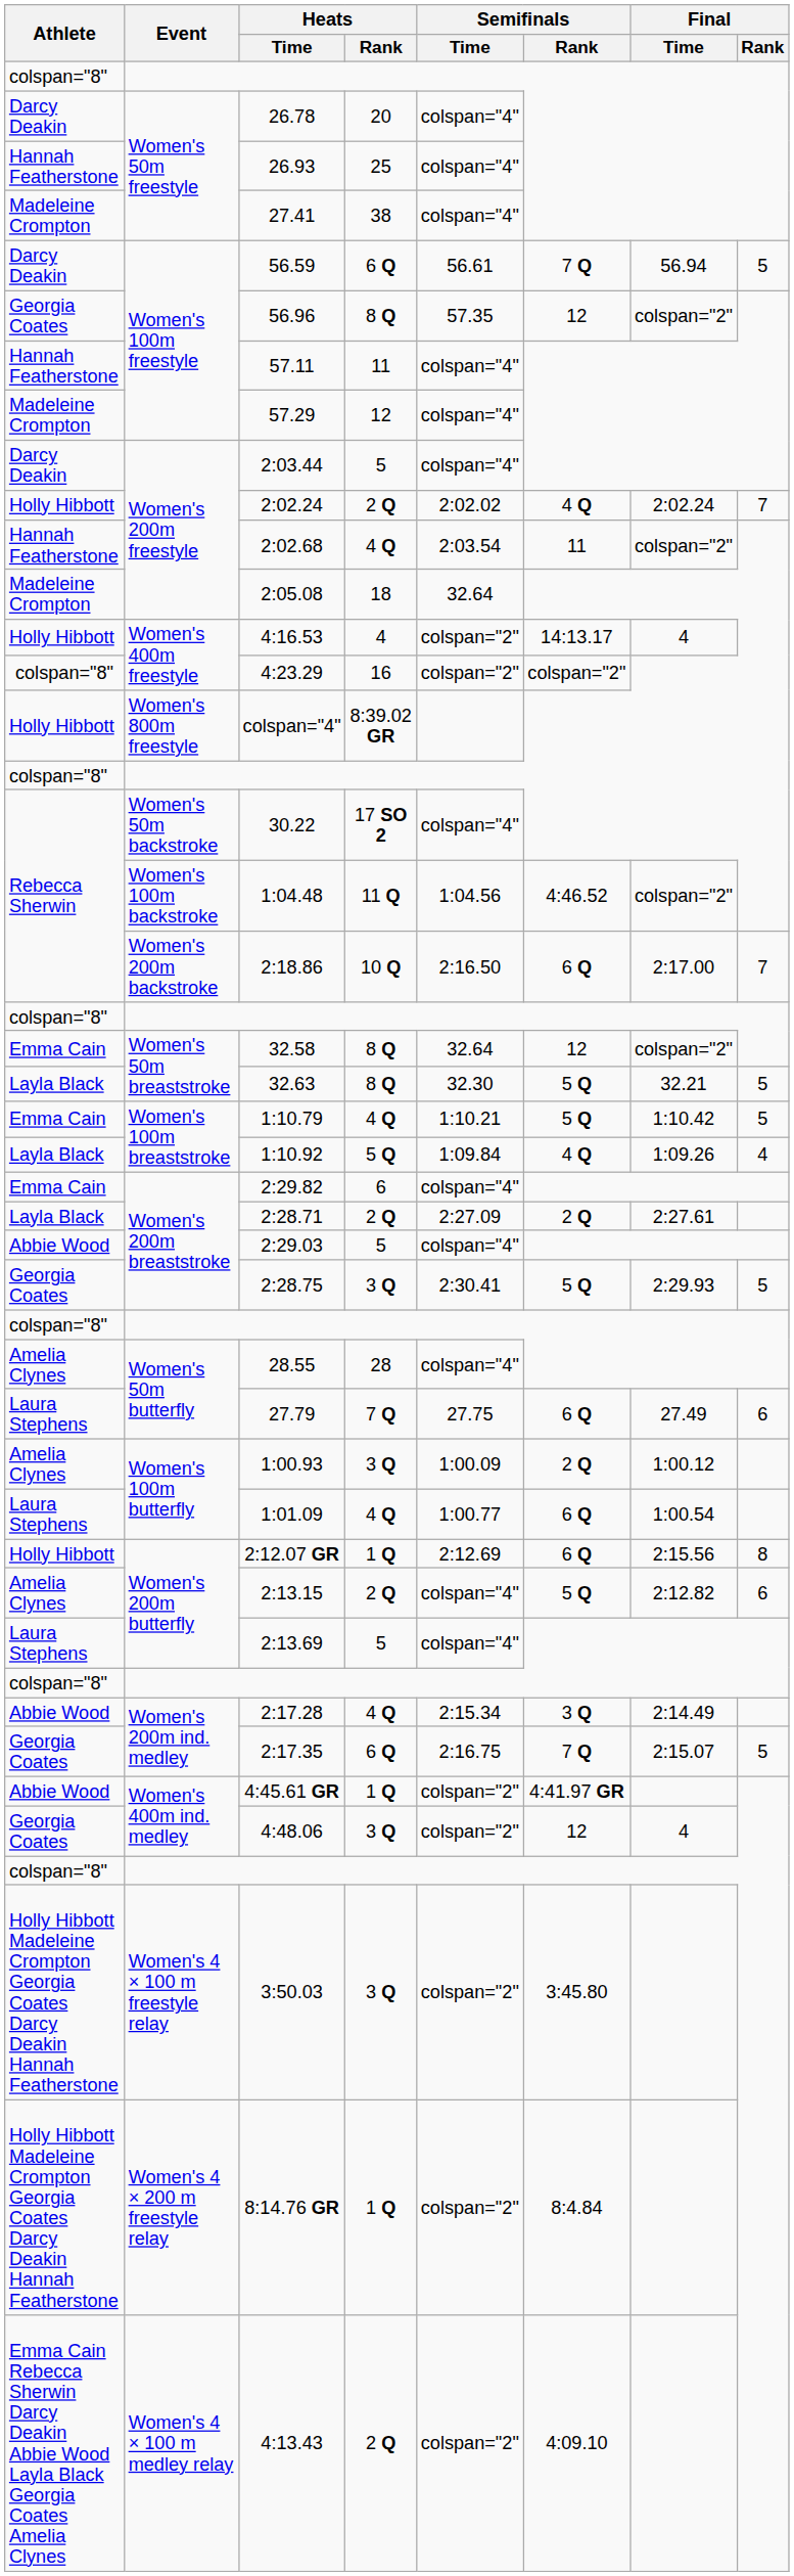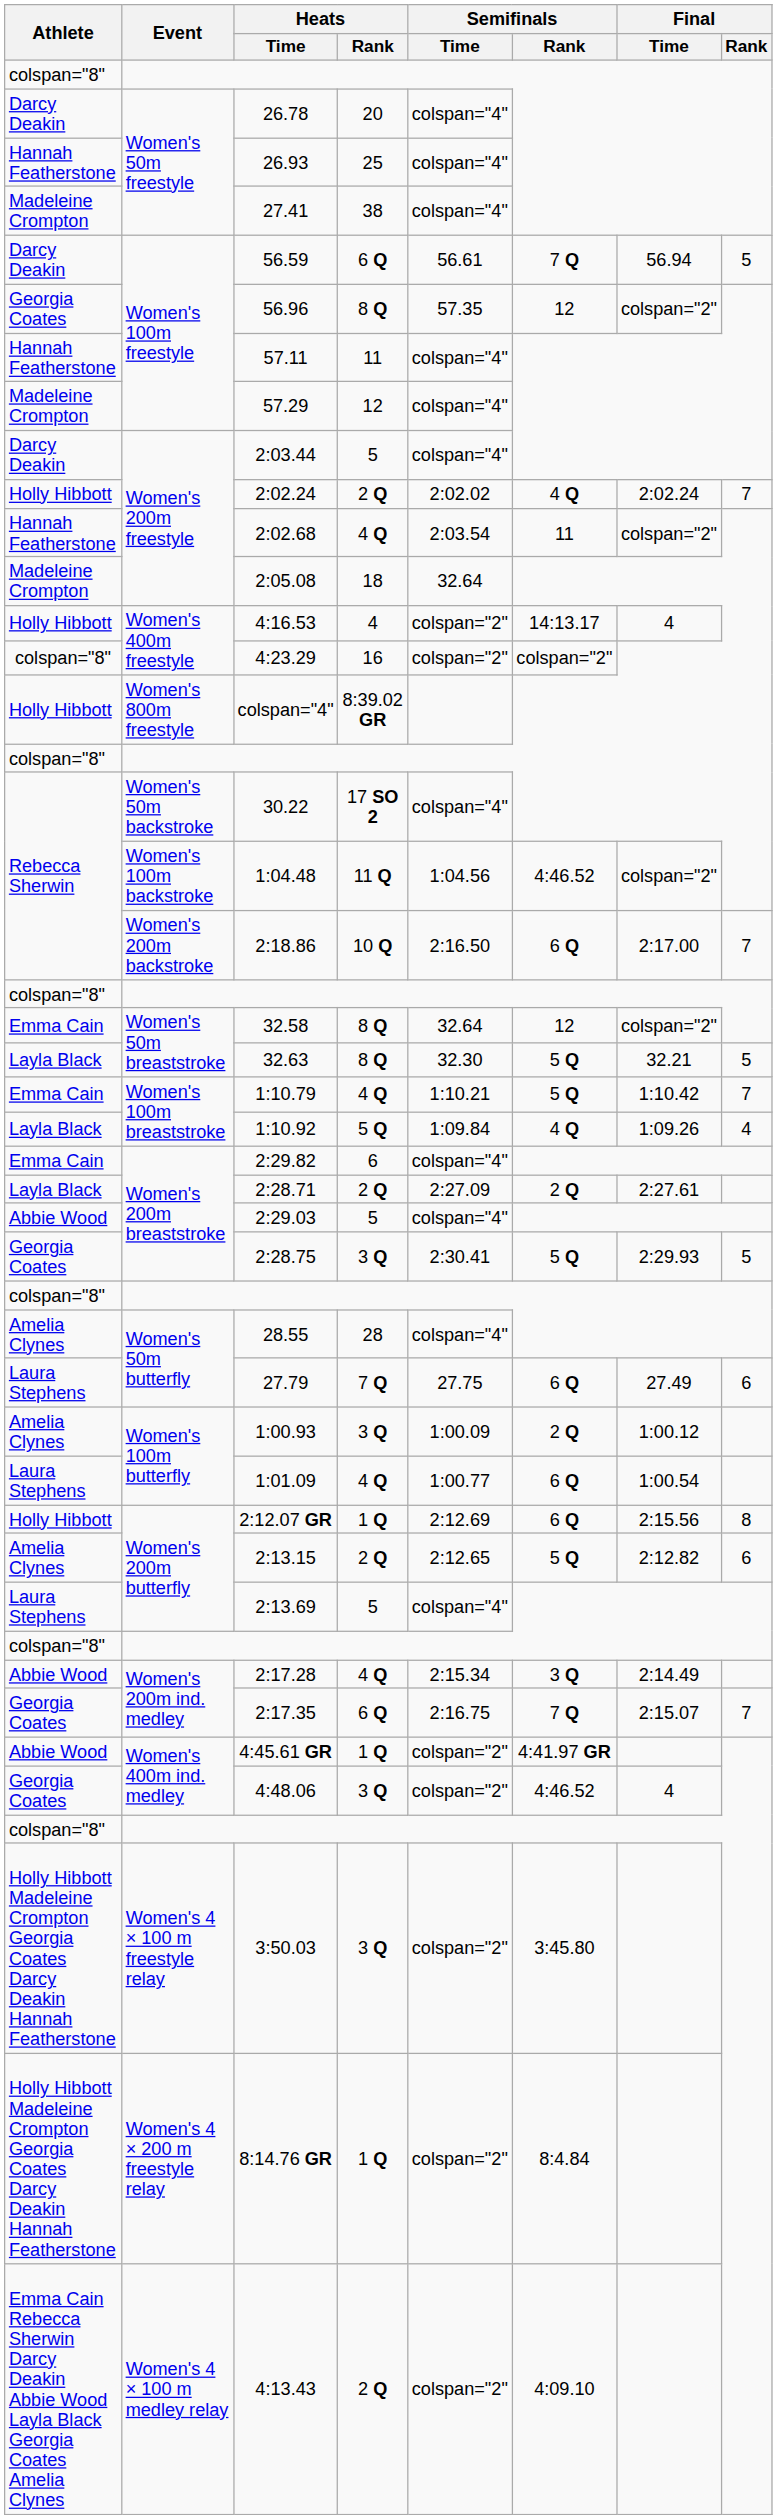 <table class="wikitable" style="font-size:90%">
 <tr>
 <th rowspan=2>Athlete</th>
 <th rowspan=2>Event</th>
 <th colspan=2>Heats</th>
 <th colspan=2>Semifinals</th>
 <th colspan=2>Final</th>
 </tr>
 <tr style="font-size:95%">
 <th>Time</th>
 <th>Rank</th>
 <th>Time</th>
 <th>Rank</th>
 <th>Time</th>
 <th>Rank</th>
 </tr>
 <tr align="left">
 <td>colspan="8" </td>
 </tr>
 <tr align=center>
 <td align=left><a href='#'>Darcy Deakin</a></td>
 <td rowspan="3" align=left><a href='#'>Women's 50m freestyle</a></td>
 <td>26.78</td>
 <td>20</td>
 <td>colspan="4" </td>
 </tr>
 <tr align=center>
 <td align=left><a href='#'>Hannah Featherstone</a></td>
 <td>26.93</td>
 <td>25</td>
 <td>colspan="4" </td>
 </tr>
 <tr align=center>
 <td align=left><a href='#'>Madeleine Crompton</a></td>
 <td>27.41</td>
 <td>38</td>
 <td>colspan="4" </td>
 </tr>
 <tr align=center>
 <td align=left><a href='#'>Darcy Deakin</a></td>
 <td rowspan="4" align=left><a href='#'>Women's 100m freestyle</a></td>
 <td>56.59</td>
 <td>6 <strong>Q</strong></td>
 <td>56.61</td>
 <td>7 <strong>Q</strong></td>
 <td>56.94</td>
 <td>5</td>
 </tr>
 <tr align=center>
 <td align=left><a href='#'>Georgia Coates</a></td>
 <td>56.96</td>
 <td>8 <strong>Q</strong></td>
 <td>57.35</td>
 <td>12</td>
 <td>colspan="2" </td>
 </tr>
 <tr align=center>
 <td align=left><a href='#'>Hannah Featherstone</a></td>
 <td>57.11</td>
 <td>11</td>
 <td>colspan="4" </td>
 </tr>
 <tr align=center>
 <td align=left><a href='#'>Madeleine Crompton</a></td>
 <td>57.29</td>
 <td>12</td>
 <td>colspan="4" </td>
 </tr>
 <tr align=center>
 <td align=left><a href='#'>Darcy Deakin</a></td>
 <td rowspan="4" align=left><a href='#'>Women's 200m freestyle</a></td>
 <td>2:03.44</td>
 <td>5</td>
 <td>colspan="4" </td>
 </tr>
 <tr align=center>
 <td align=left><a href='#'>Holly Hibbott</a></td>
 <td>2:02.24</td>
 <td>2 <strong>Q</strong></td>
 <td>2:02.02</td>
 <td>4 <strong>Q</strong></td>
 <td>2:02.24</td>
 <td>7</td>
 </tr>
 <tr align=center>
 <td align=left><a href='#'>Hannah Featherstone</a></td>
 <td>2:02.68</td>
 <td>4 <strong>Q</strong></td>
 <td>2:03.54</td>
 <td>11</td>
 <td>colspan="2" </td>
 </tr>
 <tr align=center>
 <td align=left><a href='#'>Madeleine Crompton</a></td>
 <td>2:05.08</td>
 <td>18</td>
 <td>32.64</td>
 </tr>
 <tr align=center>
 <td align=left><a href='#'>Holly Hibbott</a></td>
 <td rowspan="2" align=left><a href='#'>Women's 400m freestyle</a></td>
 <td>4:16.53</td>
 <td>4</td>
 <td>colspan="2" </td>
 <td>14:13.17</td>
 <td>4</td>
 </tr>
 <tr align=center>
 <td>colspan="8" </td>
 <td>4:23.29</td>
 <td>16</td>
 <td>colspan="2" </td>
 <td>colspan="2" </td>
 </tr>
 <tr align=center>
 <td align=left><a href='#'>Holly Hibbott</a></td>
 <td align=left><a href='#'>Women's 800m freestyle</a></td>
 <td>colspan="4" </td>
 <td>8:39.02 <strong>GR</strong></td>
 <td></td>
 </tr>
 <tr align="left">
 <td>colspan="8" </td>
 </tr>
 <tr align=center>
 <td rowspan="3" align=left><a href='#'>Rebecca Sherwin</a></td>
 <td align=left><a href='#'>Women's 50m backstroke</a></td>
 <td>30.22</td>
 <td>17 <strong>SO 2</strong></td>
 <td>colspan="4" </td>
 </tr>
 <tr align="center">
 <td align=left><a href='#'>Women's 100m backstroke</a></td>
 <td>1:04.48</td>
 <td>11 <strong>Q</strong></td>
 <td>1:04.56</td>
 <td>4:46.52</td>
 <td>colspan="2" </td>
 </tr>
 <tr align=center>
 <td align=left><a href='#'>Women's 200m backstroke</a></td>
 <td>2:18.86</td>
 <td>10 <strong>Q</strong></td>
 <td>2:16.50</td>
 <td>6 <strong>Q</strong></td>
 <td>2:17.00</td>
 <td>7</td>
 </tr>
 <tr align="left">
 <td>colspan="8" </td>
 </tr>
 <tr align=center>
 <td align=left><a href='#'>Emma Cain</a></td>
 <td rowspan="2" align=left><a href='#'>Women's 50m breaststroke</a></td>
 <td>32.58</td>
 <td>8 <strong>Q</strong></td>
 <td>32.64</td>
 <td>12</td>
 <td>colspan="2" </td>
 </tr>
 <tr align=center>
 <td align=left><a href='#'>Layla Black</a></td>
 <td>32.63</td>
 <td>8 <strong>Q</strong></td>
 <td>32.30</td>
 <td>5 <strong>Q</strong></td>
 <td>32.21</td>
 <td>5</td>
 </tr>
 <tr align=center>
 <td align=left><a href='#'>Emma Cain</a></td>
 <td rowspan="2" align=left><a href='#'>Women's 100m breaststroke</a></td>
 <td>1:10.79</td>
 <td>4 <strong>Q</strong></td>
 <td>1:10.21</td>
 <td>5 <strong>Q</strong></td>
 <td>1:10.42</td>
-<td>5</td>
+<td>7</td>
 </tr>
 <tr align=center>
 <td align=left><a href='#'>Layla Black</a></td>
 <td>1:10.92</td>
 <td>5 <strong>Q</strong></td>
 <td>1:09.84</td>
 <td>4 <strong>Q</strong></td>
 <td>1:09.26</td>
 <td>4</td>
 </tr>
 <tr align=center>
 <td align=left><a href='#'>Emma Cain</a></td>
 <td rowspan="4" align=left><a href='#'>Women's 200m breaststroke</a></td>
 <td>2:29.82</td>
 <td>6</td>
 <td>colspan="4" </td>
 </tr>
 <tr align=center>
 <td align=left><a href='#'>Layla Black</a></td>
 <td>2:28.71</td>
 <td>2 <strong>Q</strong></td>
 <td>2:27.09</td>
 <td>2 <strong>Q</strong></td>
 <td>2:27.61</td>
 <td></td>
 </tr>
 <tr align=center>
 <td align=left><a href='#'>Abbie Wood</a></td>
 <td>2:29.03</td>
 <td>5</td>
 <td>colspan="4" </td>
 </tr>
 <tr align=center>
 <td align=left><a href='#'>Georgia Coates</a></td>
 <td>2:28.75</td>
 <td>3 <strong>Q</strong></td>
 <td>2:30.41</td>
 <td>5 <strong>Q</strong></td>
 <td>2:29.93</td>
 <td>5</td>
 </tr>
 <tr align="left">
 <td>colspan="8" </td>
 </tr>
 <tr align=center>
 <td align=left><a href='#'>Amelia Clynes</a></td>
 <td rowspan="2" align=left><a href='#'>Women's 50m butterfly</a></td>
 <td>28.55</td>
 <td>28</td>
 <td>colspan="4" </td>
 </tr>
 <tr align=center>
 <td align=left><a href='#'>Laura Stephens</a></td>
 <td>27.79</td>
 <td>7 <strong>Q</strong></td>
 <td>27.75</td>
 <td>6 <strong>Q</strong></td>
 <td>27.49</td>
 <td>6</td>
 </tr>
 <tr align=center>
 <td align=left><a href='#'>Amelia Clynes</a></td>
 <td rowspan="2" align=left><a href='#'>Women's 100m butterfly</a></td>
 <td>1:00.93</td>
 <td>3 <strong>Q</strong></td>
 <td>1:00.09</td>
 <td>2 <strong>Q</strong></td>
 <td>1:00.12</td>
 <td></td>
 </tr>
 <tr align=center>
 <td align=left><a href='#'>Laura Stephens</a></td>
 <td>1:01.09</td>
 <td>4 <strong>Q</strong></td>
 <td>1:00.77</td>
 <td>6 <strong>Q</strong></td>
 <td>1:00.54</td>
 <td></td>
 </tr>
 <tr align=center>
 <td align=left><a href='#'>Holly Hibbott</a></td>
 <td rowspan="3" align=left><a href='#'>Women's 200m butterfly</a></td>
 <td>2:12.07 <strong>GR</strong></td>
 <td>1 <strong>Q</strong></td>
 <td>2:12.69</td>
 <td>6 <strong>Q</strong></td>
 <td>2:15.56</td>
 <td>8</td>
 </tr>
 <tr align=center>
 <td align=left><a href='#'>Amelia Clynes</a></td>
 <td>2:13.15</td>
 <td>2 <strong>Q</strong></td>
-<td>colspan="4" </td>
+<td>2:12.65</td>
 <td>5 <strong>Q</strong></td>
 <td>2:12.82</td>
 <td>6</td>
 </tr>
 <tr align=center>
 <td align=left><a href='#'>Laura Stephens</a></td>
 <td>2:13.69</td>
 <td>5</td>
 <td>colspan="4" </td>
 </tr>
 <tr align="left">
 <td>colspan="8" </td>
 </tr>
 <tr align=center>
 <td align=left><a href='#'>Abbie Wood</a></td>
 <td rowspan="2" align=left><a href='#'>Women's 200m ind. medley</a></td>
 <td>2:17.28</td>
 <td>4 <strong>Q</strong></td>
 <td>2:15.34</td>
 <td>3 <strong>Q</strong></td>
 <td>2:14.49</td>
 <td></td>
 </tr>
 <tr align=center>
 <td align=left><a href='#'>Georgia Coates</a></td>
 <td>2:17.35</td>
 <td>6 <strong>Q</strong></td>
 <td>2:16.75</td>
 <td>7 <strong>Q</strong></td>
 <td>2:15.07</td>
-<td>5</td>
+<td>7</td>
 </tr>
 <tr align=center>
 <td align=left><a href='#'>Abbie Wood</a></td>
 <td rowspan="2" align=left><a href='#'>Women's 400m ind. medley</a></td>
 <td>4:45.61 <strong>GR</strong></td>
 <td>1 <strong>Q</strong></td>
 <td>colspan="2" </td>
 <td>4:41.97 <strong>GR</strong></td>
 <td></td>
 </tr>
 <tr align=center>
 <td align=left><a href='#'>Georgia Coates</a></td>
 <td>4:48.06</td>
 <td>3 <strong>Q</strong></td>
 <td>colspan="2" </td>
-<td>12</td>
+<td>4:46.52</td>
 <td>4</td>
 </tr>
 <tr align="left">
 <td>colspan="8" </td>
 </tr>
 <tr align=center>
 <td align=left> <br> <a href='#'>Holly Hibbott</a><br><a href='#'>Madeleine Crompton</a><br><a href='#'>Georgia Coates</a><br><a href='#'>Darcy Deakin</a><br><a href='#'>Hannah Featherstone</a></td>
 <td align=left><a href='#'>Women's 4 × 100 m freestyle relay</a></td>
 <td>3:50.03</td>
 <td>3 <strong>Q</strong></td>
 <td>colspan="2" </td>
 <td>3:45.80</td>
 <td></td>
 </tr>
 <tr align=center>
 <td align=left> <br> <a href='#'>Holly Hibbott</a><br><a href='#'>Madeleine Crompton</a><br><a href='#'>Georgia Coates</a><br><a href='#'>Darcy Deakin</a><br><a href='#'>Hannah Featherstone</a></td>
 <td align=left><a href='#'>Women's 4 × 200 m freestyle relay</a></td>
 <td>8:14.76 <strong>GR</strong></td>
 <td>1 <strong>Q</strong></td>
 <td>colspan="2" </td>
 <td>8:4.84</td>
 <td></td>
 </tr>
 <tr align=center>
 <td align=left> <br> <a href='#'>Emma Cain</a><br><a href='#'>Rebecca Sherwin</a><br><a href='#'>Darcy Deakin</a><br><a href='#'>Abbie Wood</a><br><a href='#'>Layla Black</a><br><a href='#'>Georgia Coates</a><br><a href='#'>Amelia Clynes</a></td>
 <td align=left><a href='#'>Women's 4 × 100 m medley relay</a></td>
 <td>4:13.43</td>
 <td>2 <strong>Q</strong></td>
 <td>colspan="2" </td>
 <td>4:09.10</td>
 <td></td>
 </tr>
 </table>
